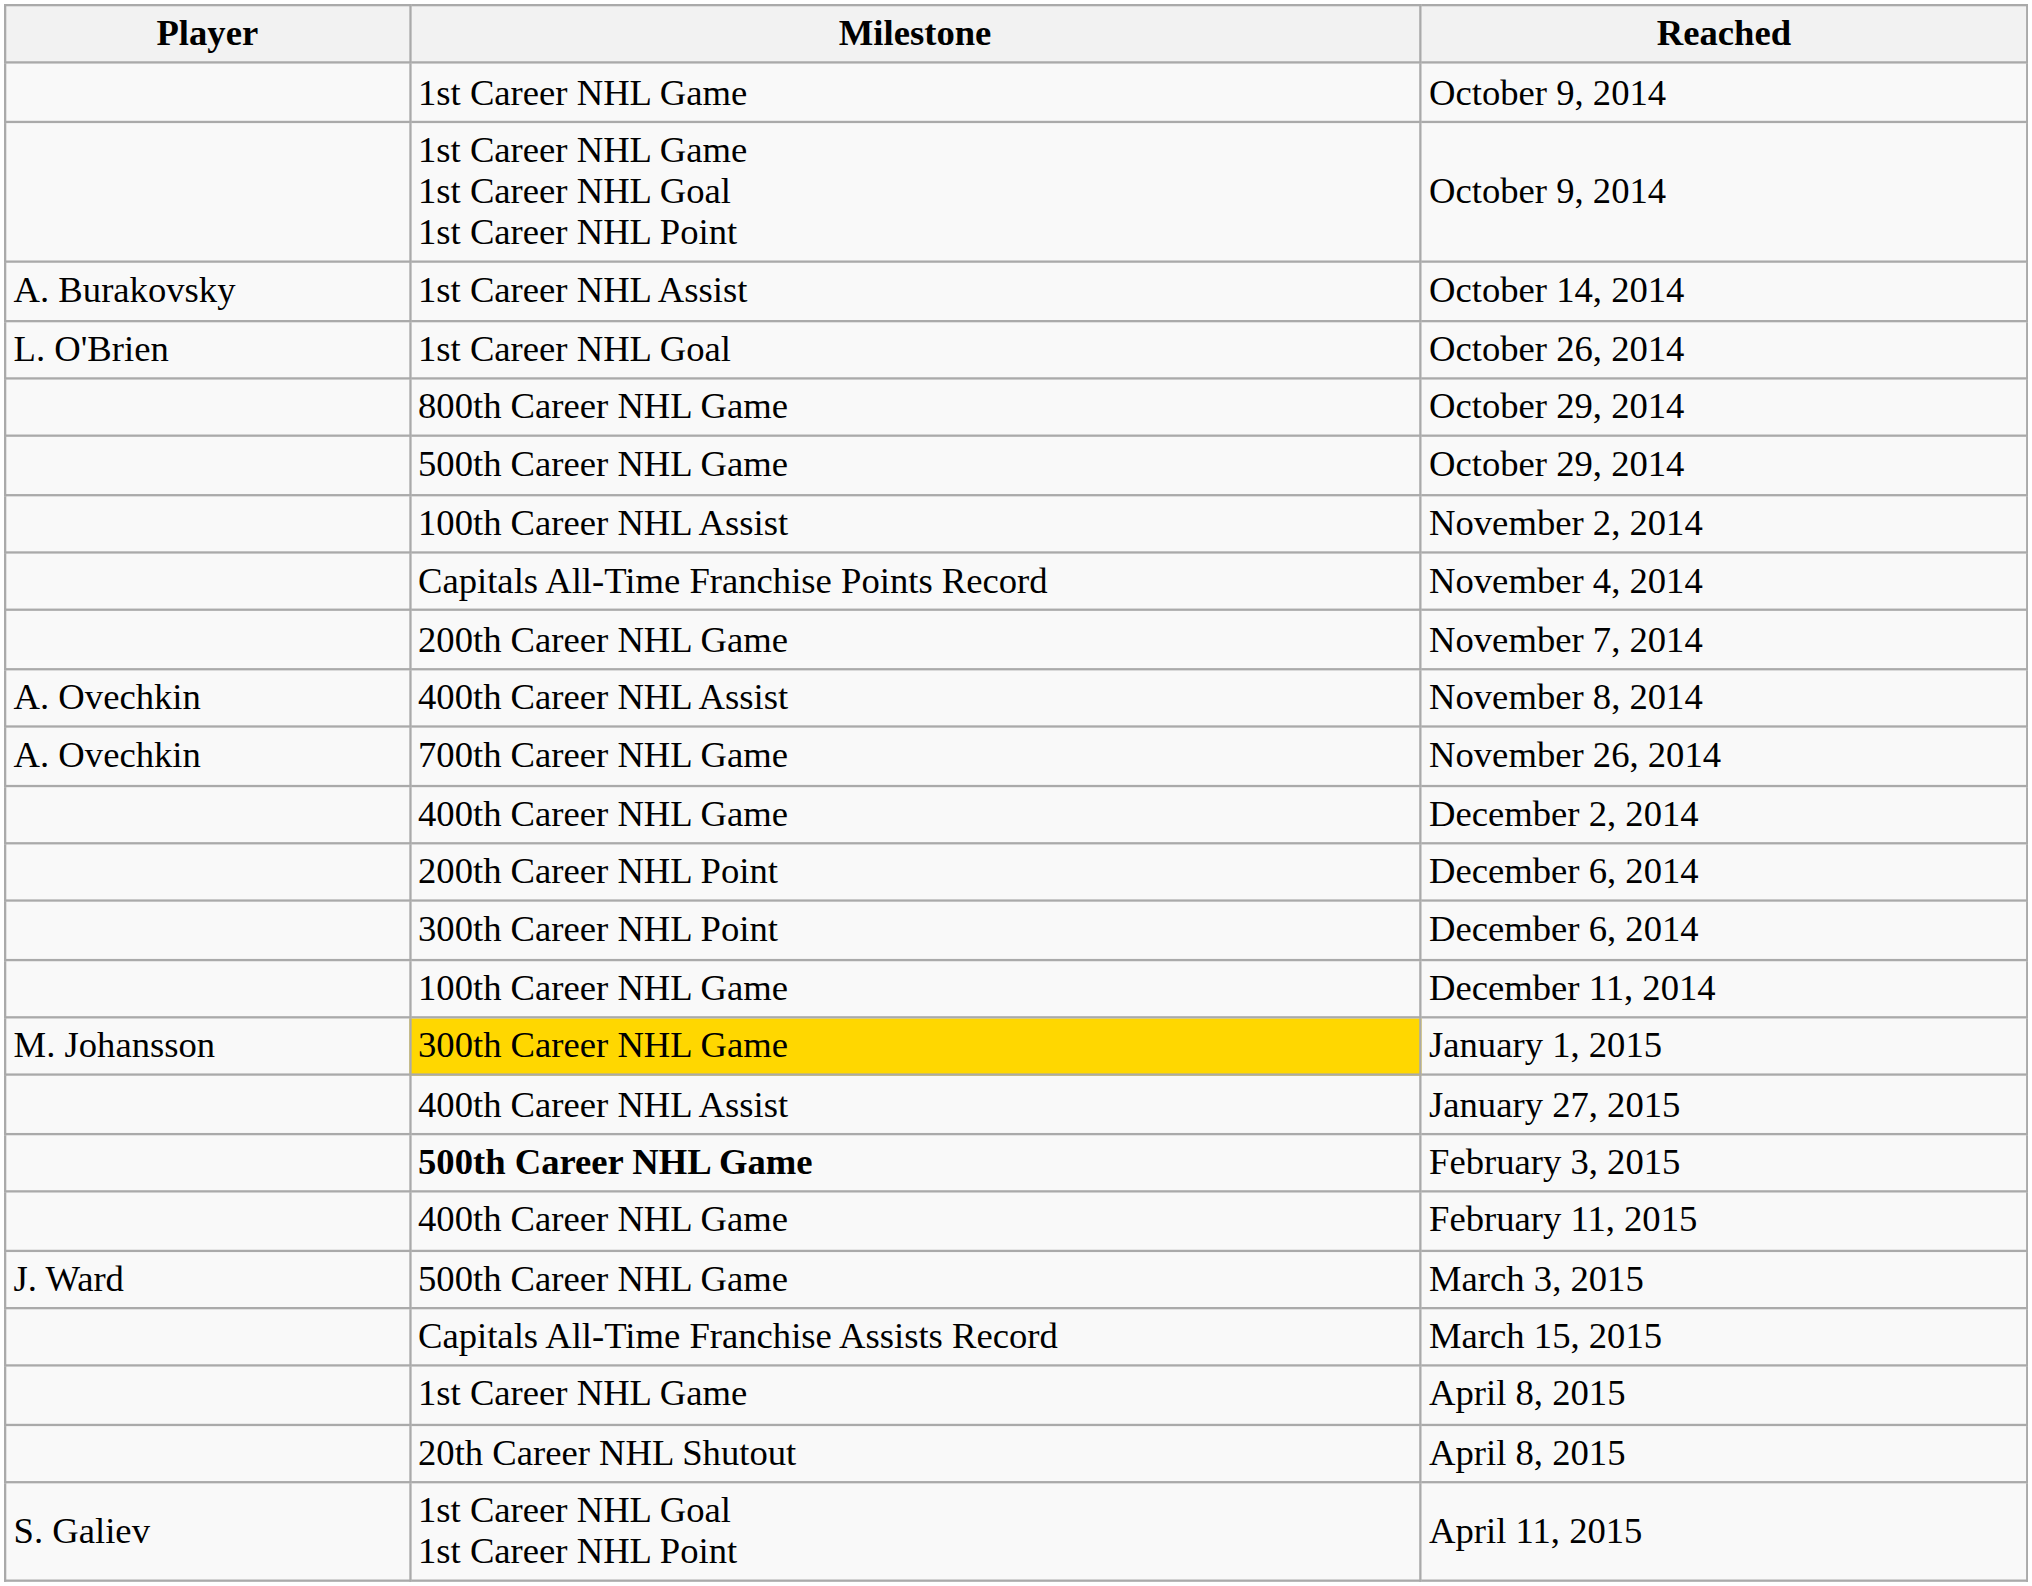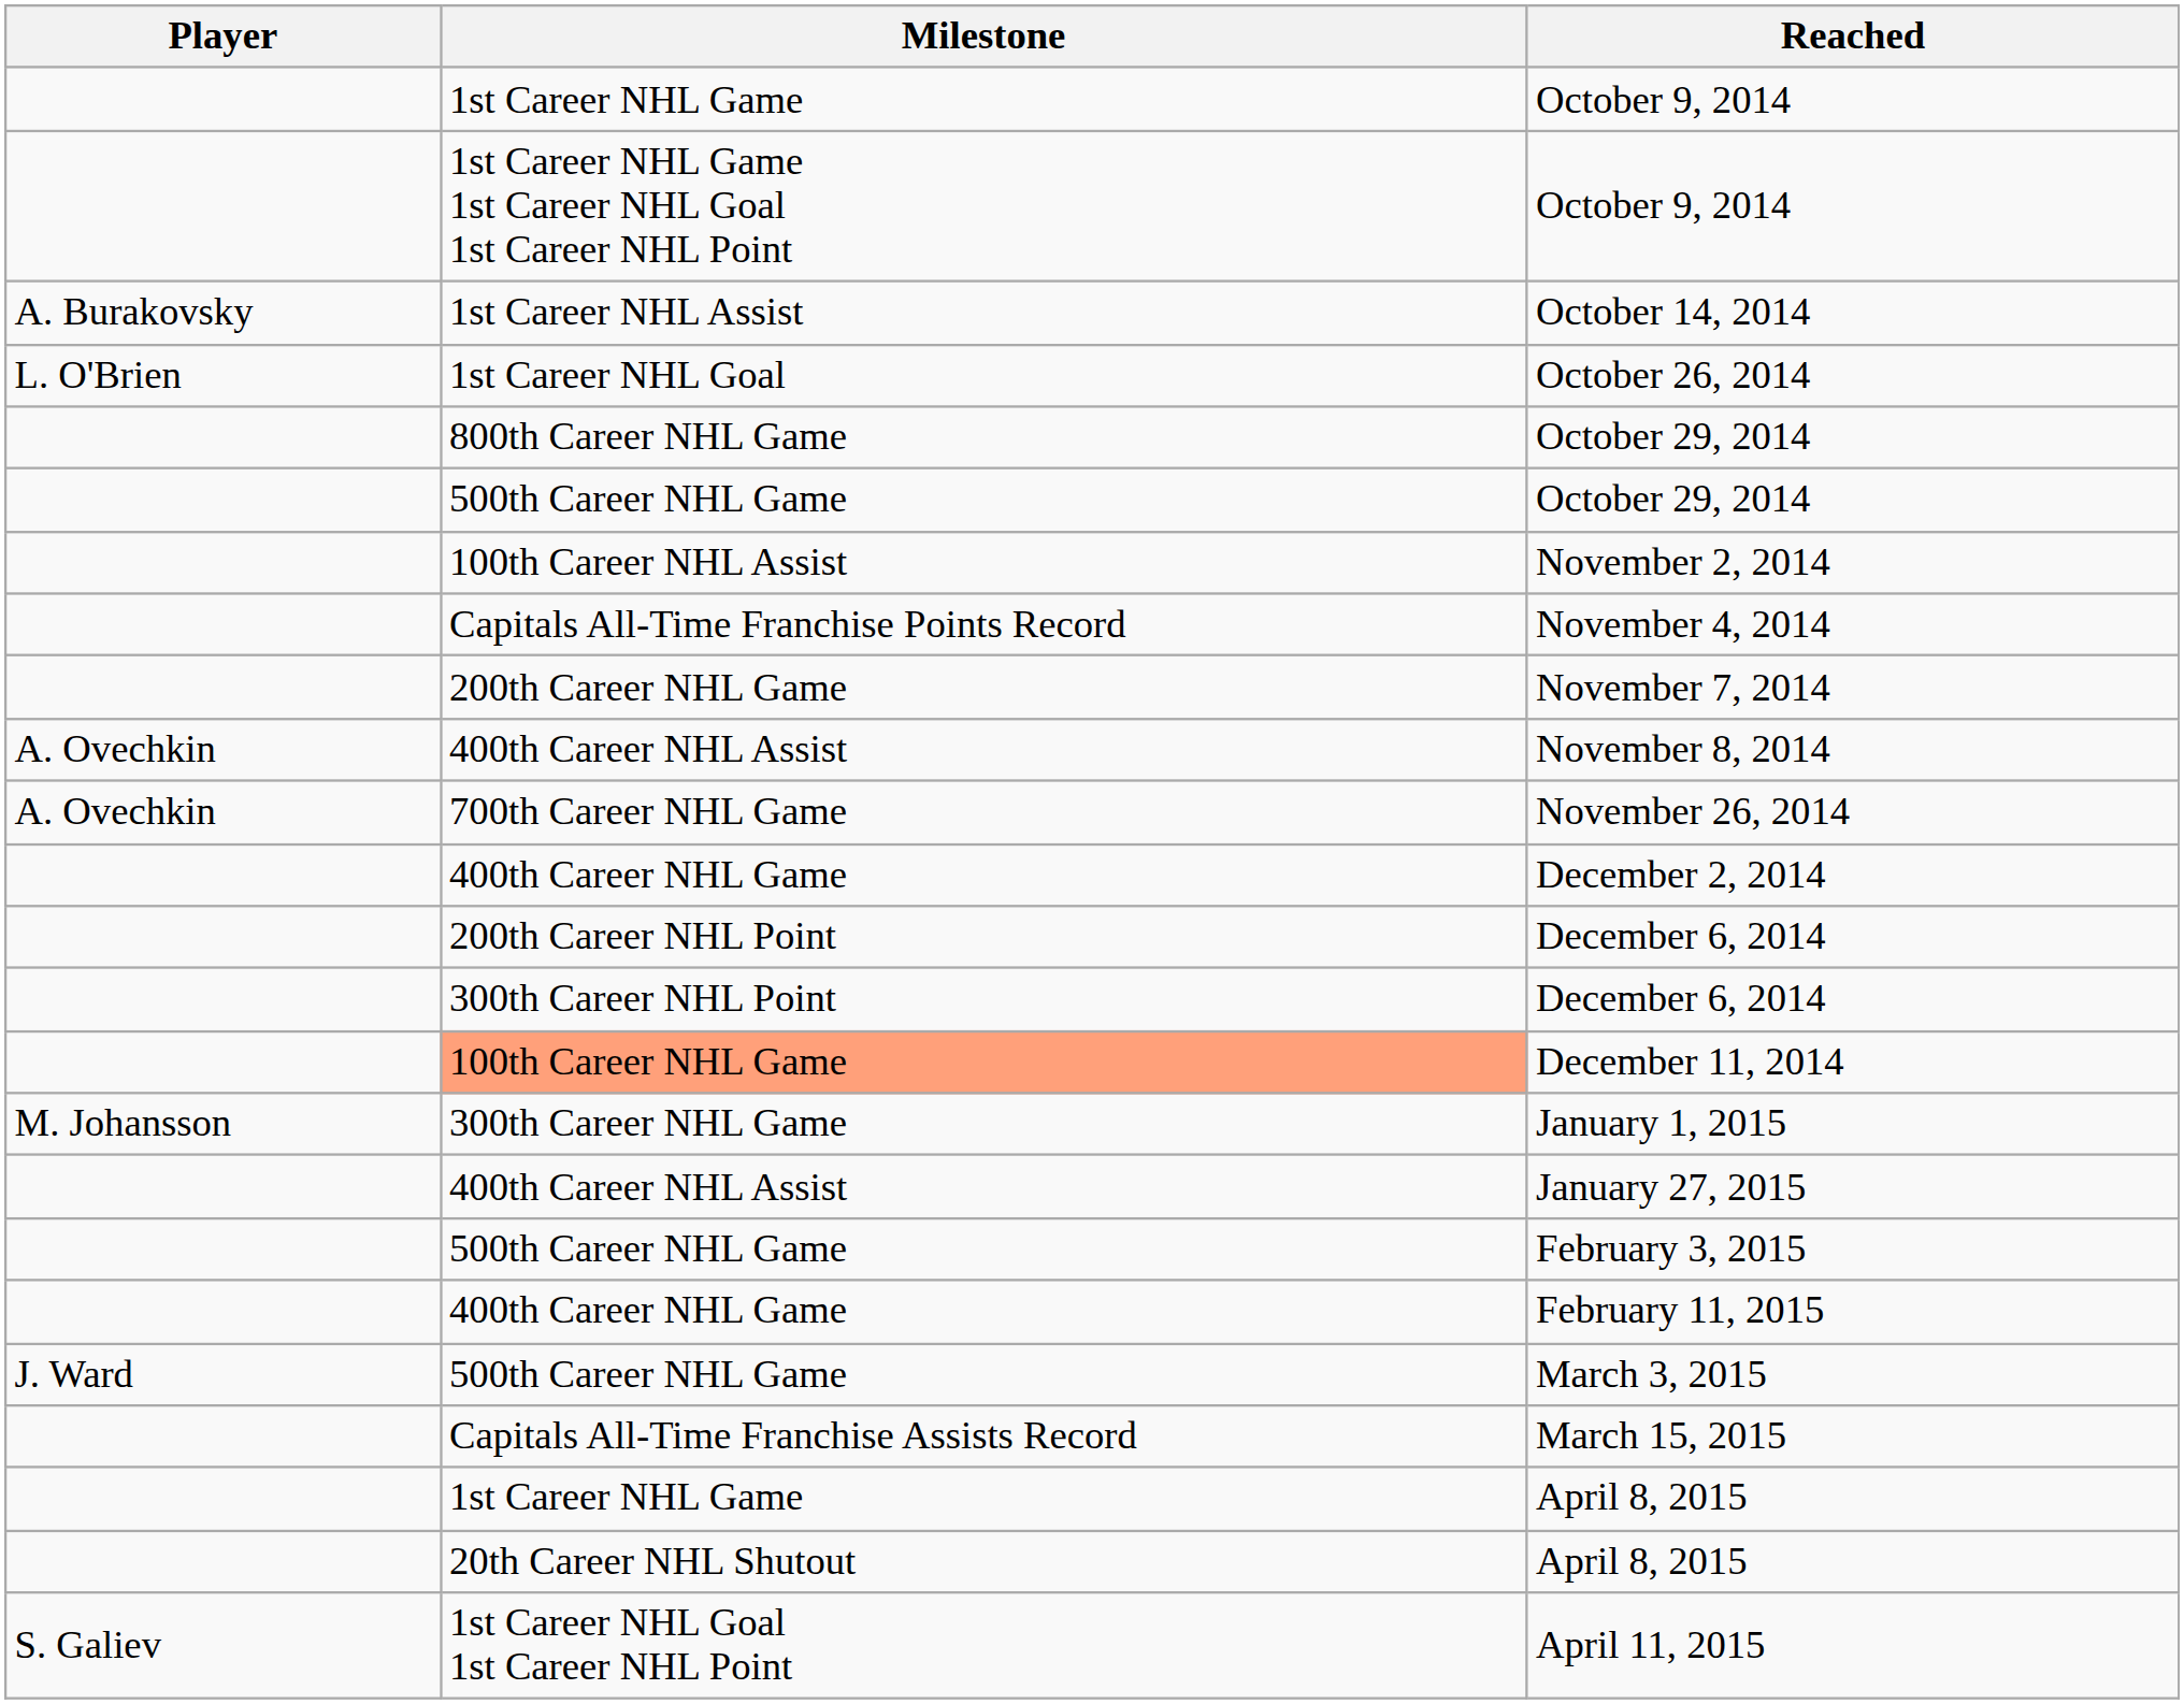 <table class="wikitable sortable" style="width:100%;">
 <tr align=center>
 <th style="width:20%;">Player</th>
 <th style="width:50%;">Milestone</th>
 <th style="width:30%;" data-sort-type="date">Reached</th>
 </tr>
 <tr>
 <td></td>
 <td>1st Career NHL Game</td>
 <td>October 9, 2014</td>
 </tr>
 <tr>
 <td></td>
 <td>1st Career NHL Game<br>1st Career NHL Goal<br>1st Career NHL Point</td>
 <td>October 9, 2014</td>
 </tr>
 <tr>
 <td>A. Burakovsky</td>
 <td>1st Career NHL Assist</td>
 <td>October 14, 2014</td>
 </tr>
 <tr>
 <td>L. O'Brien</td>
 <td>1st Career NHL Goal</td>
 <td>October 26, 2014</td>
 </tr>
 <tr>
 <td></td>
 <td>800th Career NHL Game</td>
 <td>October 29, 2014</td>
 </tr>
 <tr>
 <td></td>
 <td>500th Career NHL Game</td>
 <td>October 29, 2014</td>
 </tr>
 <tr>
 <td></td>
 <td>100th Career NHL Assist</td>
 <td>November 2, 2014</td>
 </tr>
 <tr>
 <td></td>
 <td>Capitals All-Time Franchise Points Record</td>
 <td>November 4, 2014</td>
 </tr>
 <tr>
 <td></td>
 <td>200th Career NHL Game</td>
 <td>November 7, 2014</td>
 </tr>
 <tr>
 <td>A. Ovechkin</td>
 <td>400th Career NHL Assist</td>
 <td>November 8, 2014</td>
 </tr>
 <tr>
 <td>A. Ovechkin</td>
 <td>700th Career NHL Game</td>
 <td>November 26, 2014</td>
 </tr>
 <tr>
 <td></td>
 <td>400th Career NHL Game</td>
 <td>December 2, 2014</td>
 </tr>
 <tr>
 <td></td>
 <td>200th Career NHL Point</td>
 <td>December 6, 2014</td>
 </tr>
 <tr>
 <td></td>
 <td>300th Career NHL Point</td>
 <td>December 6, 2014</td>
 </tr>
 <tr>
 <td></td>
-<td>100th Career NHL Game</td>
+<td style="background: lightsalmon;">100th Career NHL Game</td>
 <td>December 11, 2014</td>
 </tr>
 <tr>
 <td>M. Johansson</td>
-<td style="background: gold;">300th Career NHL Game</td>
+<td>300th Career NHL Game</td>
 <td>January 1, 2015</td>
 </tr>
 <tr>
 <td></td>
 <td>400th Career NHL Assist</td>
 <td>January 27, 2015</td>
 </tr>
 <tr>
 <td></td>
-<td><strong>500th Career NHL Game</strong></td>
+<td>500th Career NHL Game</td>
 <td>February 3, 2015</td>
 </tr>
 <tr>
 <td></td>
 <td>400th Career NHL Game</td>
 <td>February 11, 2015</td>
 </tr>
 <tr>
 <td>J. Ward</td>
 <td>500th Career NHL Game</td>
 <td>March 3, 2015</td>
 </tr>
 <tr>
 <td></td>
 <td>Capitals All-Time Franchise Assists Record</td>
 <td>March 15, 2015</td>
 </tr>
 <tr>
 <td></td>
 <td>1st Career NHL Game</td>
 <td>April 8, 2015</td>
 </tr>
 <tr>
 <td></td>
 <td>20th Career NHL Shutout</td>
 <td>April 8, 2015</td>
 </tr>
 <tr>
 <td>S. Galiev</td>
 <td>1st Career NHL Goal<br>1st Career NHL Point</td>
 <td>April 11, 2015</td>
 </tr>
 </table>
